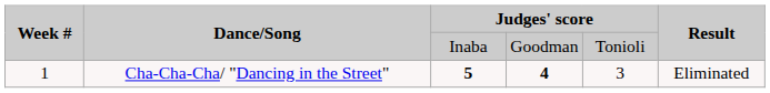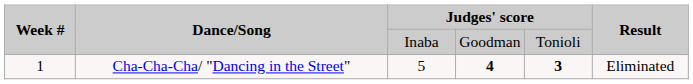 <table class="wikitable" border="1" style="float:left;">
 <tr>
 <td rowspan="2" bgcolor="#CCCCCC" align="Center"><strong>Week #</strong></td>
 <td rowspan="2" bgcolor="#CCCCCC" align="Center"><strong>Dance/Song</strong></td>
 <td colspan="3" bgcolor="#CCCCCC" align="Center"><strong>Judges' score</strong></td>
 <td rowspan="2" bgcolor="#CCCCCC" align="Center"><strong>Result</strong></td>
 </tr>
 <tr>
 <td bgcolor="#CCCCCC" width="10%" align="center">Inaba</td>
 <td bgcolor="#CCCCCC" width="10%" align="center">Goodman</td>
 <td bgcolor="#CCCCCC" width="10%" align="center">Tonioli</td>
 </tr>
 <tr>
 <td align="center" bgcolor="#FAF6F6">1</td>
 <td align="center" bgcolor="#FAF6F6"><a href='#'>Cha-Cha-Cha</a>/ "<a href='#'>Dancing in the Street</a>"</td>
-<td align="center" bgcolor="#FAF6F6"><strong>5</strong></td>
+<td align="center" bgcolor="#FAF6F6">5</td>
 <td align="center" bgcolor="#FAF6F6"><strong>4</strong></td>
-<td align="center" bgcolor="#FAF6F6">3</td>
+<td align="center" bgcolor="#FAF6F6"><strong>3</strong></td>
 <td align="center" bgcolor="#FAF6F6">Eliminated</td>
 </tr>
 </table>
